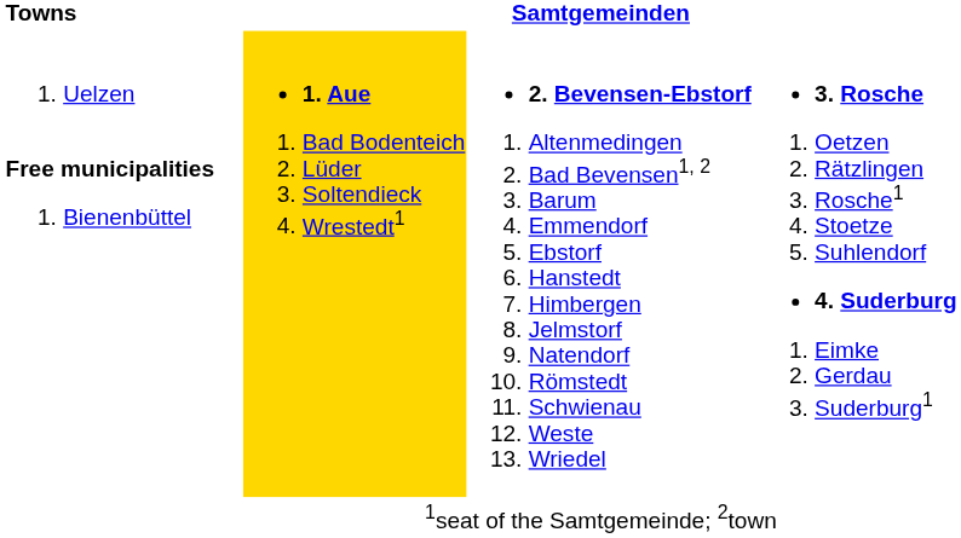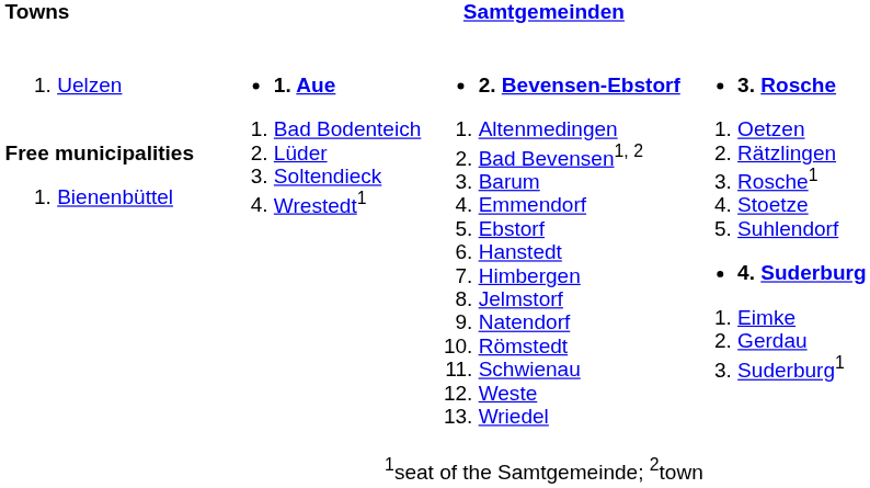 <table>
 <tr>
 <th align=left width=25%>Towns</th>
 <th colspan=3 align=center width=75%><a href='#'>Samtgemeinden</a></th>
 </tr>
 <tr valign=top>
 <td><br><ol><li><a href='#'>Uelzen</a></li></ol><br> <strong>Free municipalities</strong><ol><li><a href='#'>Bienenbüttel</a></li></ol></td>
-<td style="background: gold;"><br><ul><li><strong>1. <a href='#'>Aue</a></strong></li></ul><ol><li><a href='#'>Bad Bodenteich</a></li><li><a href='#'>Lüder</a></li><li><a href='#'>Soltendieck</a></li><li><a href='#'>Wrestedt</a><sup>1</sup></li></ol></td>
+<td><br><ul><li><strong>1. <a href='#'>Aue</a></strong></li></ul><ol><li><a href='#'>Bad Bodenteich</a></li><li><a href='#'>Lüder</a></li><li><a href='#'>Soltendieck</a></li><li><a href='#'>Wrestedt</a><sup>1</sup></li></ol></td>
 <td><br><ul><li><strong>2. <a href='#'>Bevensen-Ebstorf</a></strong></li></ul><ol><li><a href='#'>Altenmedingen</a></li><li><a href='#'>Bad Bevensen</a><sup>1, 2</sup></li><li><a href='#'>Barum</a></li><li><a href='#'>Emmendorf</a></li><li><a href='#'>Ebstorf</a></li><li><a href='#'>Hanstedt</a></li><li><a href='#'>Himbergen</a></li><li><a href='#'>Jelmstorf</a></li><li><a href='#'>Natendorf</a></li><li><a href='#'>Römstedt</a></li><li><a href='#'>Schwienau</a></li><li><a href='#'>Weste</a></li><li><a href='#'>Wriedel</a></li></ol></td>
 <td><br><ul><li><strong>3. <a href='#'>Rosche</a></strong></li></ul><ol><li><a href='#'>Oetzen</a></li><li><a href='#'>Rätzlingen</a></li><li><a href='#'>Rosche</a><sup>1</sup></li><li><a href='#'>Stoetze</a></li><li><a href='#'>Suhlendorf</a></li></ol><ul><li><strong>4. <a href='#'>Suderburg</a></strong></li></ul><ol><li><a href='#'>Eimke</a></li><li><a href='#'>Gerdau</a></li><li><a href='#'>Suderburg</a><sup>1</sup></li></ol></td>
 </tr>
 <tr>
 <td></td>
 <td colspan=3 align=center><sup>1</sup>seat of the Samtgemeinde; <sup>2</sup>town</td>
 </tr>
 </table>
